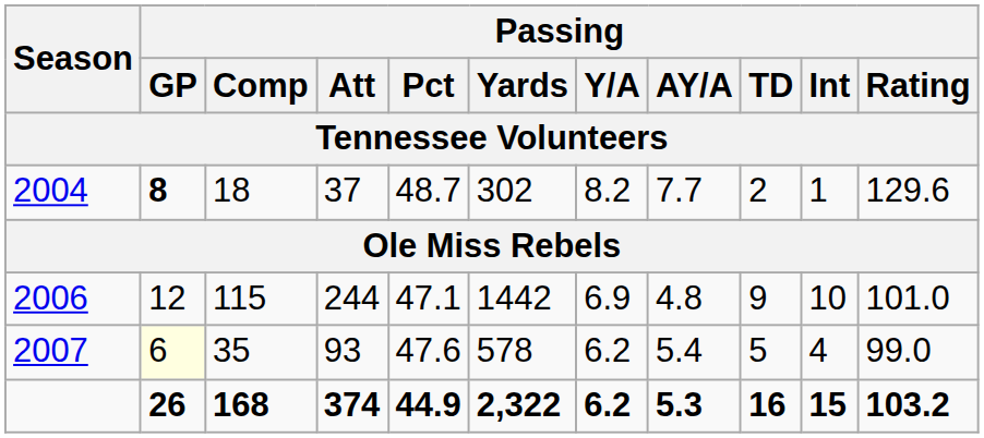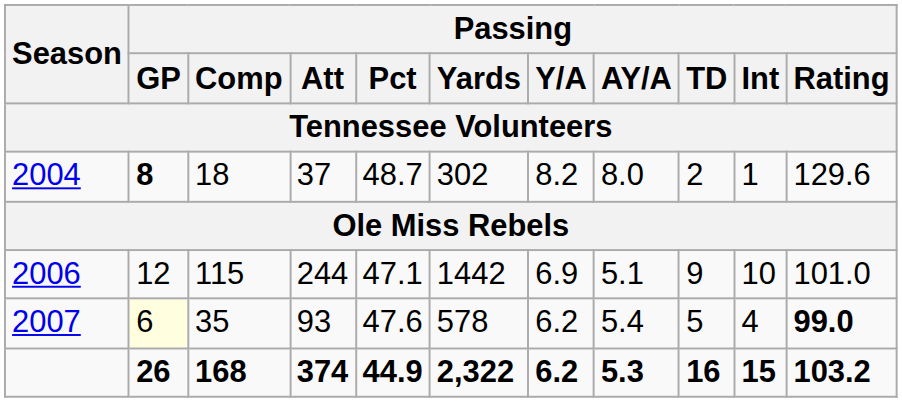 <table class="wikitable">
 <tr>
 <th rowspan="2">Season</th>
 <th colspan="11">Passing</th>
 </tr>
 <tr>
 <th>GP</th>
 <th>Comp</th>
 <th>Att</th>
 <th>Pct</th>
 <th>Yards</th>
 <th>Y/A</th>
 <th>AY/A</th>
 <th>TD</th>
 <th>Int</th>
 <th>Rating</th>
 </tr>
 <tr>
 <th colspan="11">Tennessee Volunteers</th>
 </tr>
 <tr>
 <td><a href='#'>2004</a></td>
 <td><strong>8</strong></td>
 <td>18</td>
 <td>37</td>
 <td>48.7</td>
 <td>302</td>
 <td>8.2</td>
-<td>7.7</td>
+<td>8.0</td>
 <td>2</td>
 <td>1</td>
 <td>129.6</td>
 </tr>
 <tr>
 <th colspan="11">Ole Miss Rebels</th>
 </tr>
 <tr>
 <td><a href='#'>2006</a></td>
 <td>12</td>
 <td>115</td>
 <td>244</td>
 <td>47.1</td>
 <td>1442</td>
 <td>6.9</td>
-<td>4.8</td>
+<td>5.1</td>
 <td>9</td>
 <td>10</td>
 <td>101.0</td>
 </tr>
 <tr>
 <td><a href='#'>2007</a></td>
 <td style="background: lightyellow;">6</td>
 <td>35</td>
 <td>93</td>
 <td>47.6</td>
 <td>578</td>
 <td>6.2</td>
 <td>5.4</td>
 <td>5</td>
 <td>4</td>
-<td>99.0</td>
+<td><strong>99.0</strong></td>
 </tr>
 <tr>
 <td style="font-weight:bold;"></td>
 <td style="font-weight:bold;">26</td>
 <td style="font-weight:bold;">168</td>
 <td style="font-weight:bold;">374</td>
 <td style="font-weight:bold;">44.9</td>
 <td style="font-weight:bold;">2,322</td>
 <td style="font-weight:bold;">6.2</td>
 <td style="font-weight:bold;">5.3</td>
 <td style="font-weight:bold;">16</td>
 <td style="font-weight:bold;">15</td>
 <td style="font-weight:bold;">103.2</td>
 </tr>
 </table>
